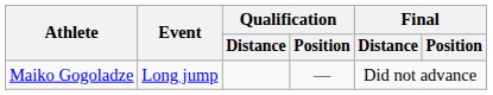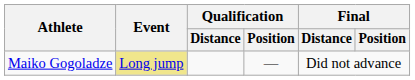 <table class=wikitable style="font-size:90%">
 <tr>
 <th rowspan="2">Athlete</th>
 <th rowspan="2">Event</th>
 <th colspan="2">Qualification</th>
 <th colspan="2">Final</th>
 </tr>
 <tr style="font-size:95%">
 <th>Distance</th>
 <th>Position</th>
 <th>Distance</th>
 <th>Position</th>
 </tr>
 <tr align=center>
 <td align=left><a href='#'>Maiko Gogoladze</a></td>
-<td align=left><a href='#'>Long jump</a></td>
+<td align=left style="background: khaki;"><a href='#'>Long jump</a></td>
 <td></td>
 <td>—</td>
 <td colspan=2>Did not advance</td>
 </tr>
 </table>
